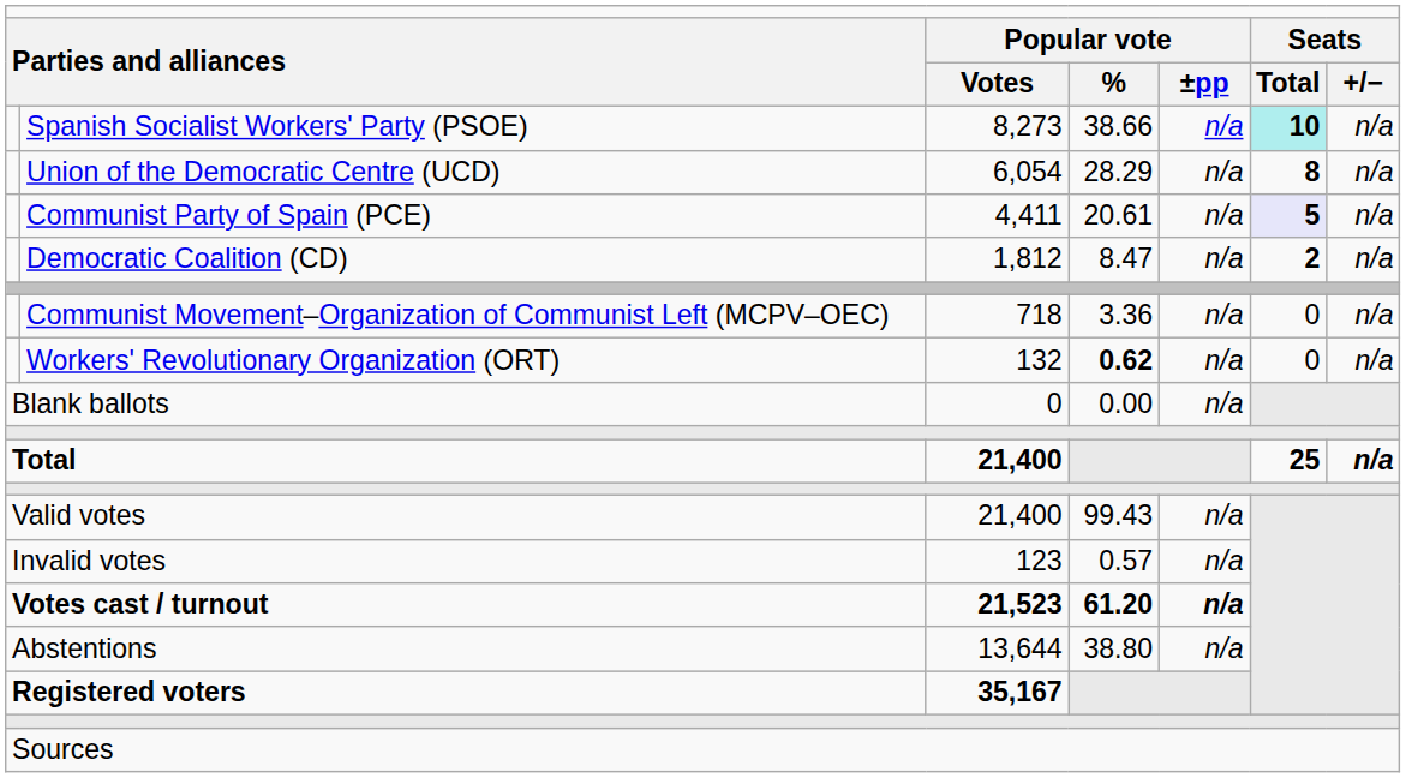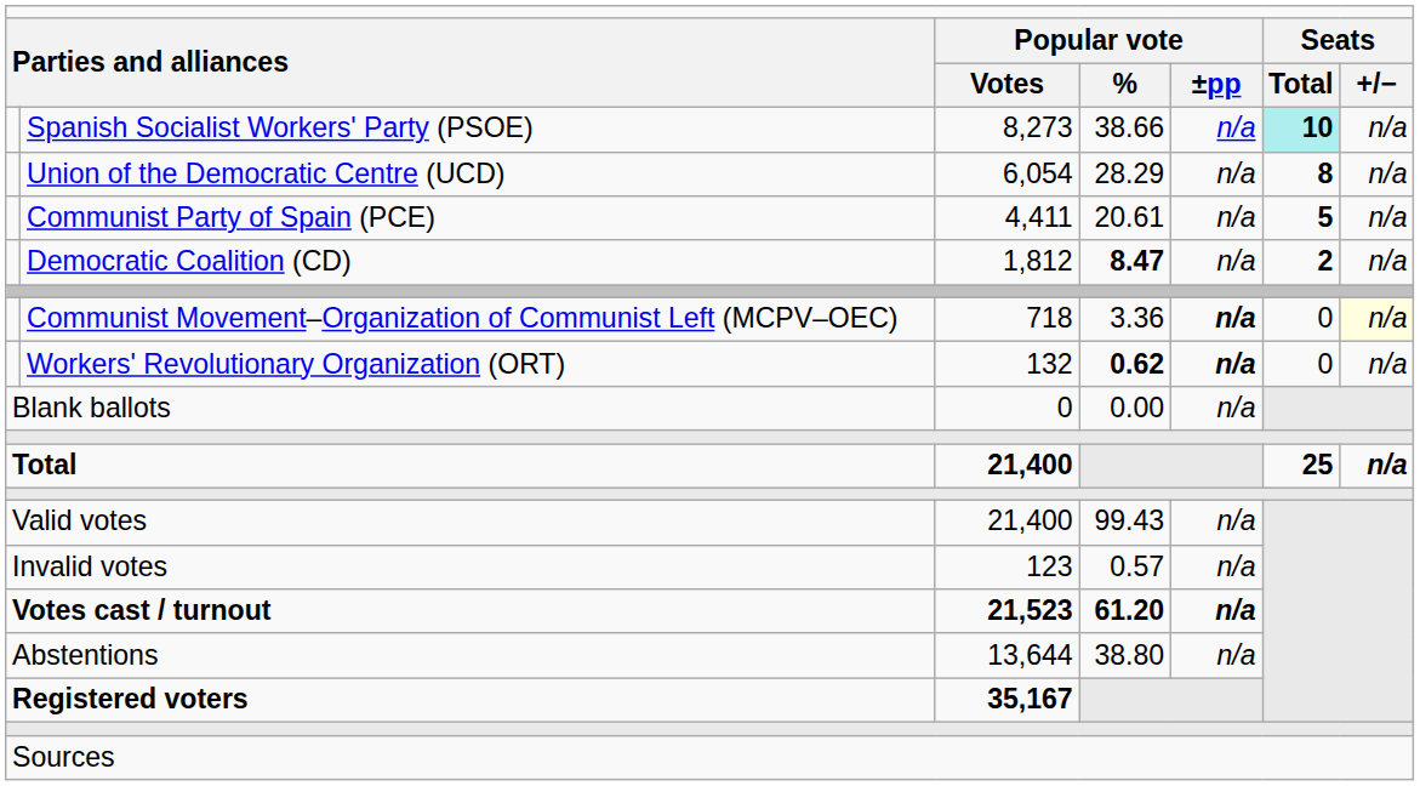 <table class="wikitable" style="text-align:right;">
 <tr>
 <td colspan="7"></td>
 </tr>
 <tr>
 <th style="text-align:left;" rowspan="2" colspan="2" width="525">Parties and alliances</th>
 <th colspan="3">Popular vote</th>
 <th colspan="2">Seats</th>
 </tr>
 <tr>
 <th width="75">Votes</th>
 <th width="45">%</th>
 <th width="45">±<a href='#'>pp</a></th>
 <th width="35">Total</th>
 <th width="35">+/−</th>
 </tr>
 <tr>
 <td width="1" style="color:inherit;background:"></td>
 <td align="left"><a href='#'>Spanish Socialist Workers' Party</a> (PSOE)</td>
 <td>8,273</td>
 <td>38.66</td>
 <td><em><a href='#'>n/a</a></em></td>
 <td style="background: paleturquoise;"><strong>10</strong></td>
 <td><em>n/a</em></td>
 </tr>
 <tr>
 <td style="color:inherit;background:"></td>
 <td align="left"><a href='#'>Union of the Democratic Centre</a> (UCD)</td>
 <td>6,054</td>
 <td>28.29</td>
 <td><em>n/a</em></td>
 <td><strong>8</strong></td>
 <td><em>n/a</em></td>
 </tr>
 <tr>
 <td style="color:inherit;background:"></td>
 <td align="left"><a href='#'>Communist Party of Spain</a> (PCE)</td>
 <td>4,411</td>
 <td>20.61</td>
 <td><em>n/a</em></td>
-<td style="background: lavender;"><strong>5</strong></td>
+<td><strong>5</strong></td>
 <td><em>n/a</em></td>
 </tr>
 <tr>
 <td style="color:inherit;background:"></td>
 <td align="left"><a href='#'>Democratic Coalition</a> (CD)</td>
 <td>1,812</td>
-<td>8.47</td>
+<td><strong>8.47</strong></td>
 <td><em>n/a</em></td>
 <td><strong>2</strong></td>
 <td><em>n/a</em></td>
 </tr>
 <tr>
 <td colspan="7" bgcolor="#C0C0C0"></td>
 </tr>
 <tr>
 <td style="color:inherit;background:"></td>
 <td align="left"><a href='#'>Communist Movement</a>–<a href='#'>Organization of Communist Left</a> (MCPV–OEC)</td>
 <td>718</td>
 <td>3.36</td>
-<td><em>n/a</em></td>
+<td><strong><em>n/a</em></strong></td>
 <td>0</td>
-<td><em>n/a</em></td>
+<td style="background: lightyellow;"><em>n/a</em></td>
 </tr>
 <tr>
 <td style="color:inherit;background:"></td>
 <td align="left"><a href='#'>Workers' Revolutionary Organization</a> (ORT)</td>
 <td>132</td>
 <td><strong>0.62</strong></td>
-<td><em>n/a</em></td>
+<td><strong><em>n/a</em></strong></td>
 <td>0</td>
 <td><em>n/a</em></td>
 </tr>
 <tr>
 <td align="left" colspan="2">Blank ballots</td>
 <td>0</td>
 <td>0.00</td>
 <td><em>n/a</em></td>
 <td bgcolor="#E9E9E9" colspan="2"></td>
 </tr>
 <tr>
 <td colspan="7" bgcolor="#E9E9E9"></td>
 </tr>
 <tr style="font-weight:bold;">
 <td align="left" colspan="2">Total</td>
 <td>21,400</td>
 <td bgcolor="#E9E9E9" colspan="2"></td>
 <td>25</td>
 <td><em>n/a</em></td>
 </tr>
 <tr>
 <td colspan="7" bgcolor="#E9E9E9"></td>
 </tr>
 <tr>
 <td align="left" colspan="2">Valid votes</td>
 <td>21,400</td>
 <td>99.43</td>
 <td><em>n/a</em></td>
 <td bgcolor="#E9E9E9" colspan="2" rowspan="5"></td>
 </tr>
 <tr>
 <td align="left" colspan="2">Invalid votes</td>
 <td>123</td>
 <td>0.57</td>
 <td><em>n/a</em></td>
 </tr>
 <tr style="font-weight:bold;">
 <td align="left" colspan="2">Votes cast / turnout</td>
 <td>21,523</td>
 <td>61.20</td>
 <td><em>n/a</em></td>
 </tr>
 <tr>
 <td align="left" colspan="2">Abstentions</td>
 <td>13,644</td>
 <td>38.80</td>
 <td><em>n/a</em></td>
 </tr>
 <tr style="font-weight:bold;">
 <td align="left" colspan="2">Registered voters</td>
 <td>35,167</td>
 <td bgcolor="#E9E9E9" colspan="2"></td>
 </tr>
 <tr>
 <td colspan="7" bgcolor="#E9E9E9"></td>
 </tr>
 <tr>
 <td align="left" colspan="7">Sources</td>
 </tr>
 </table>
